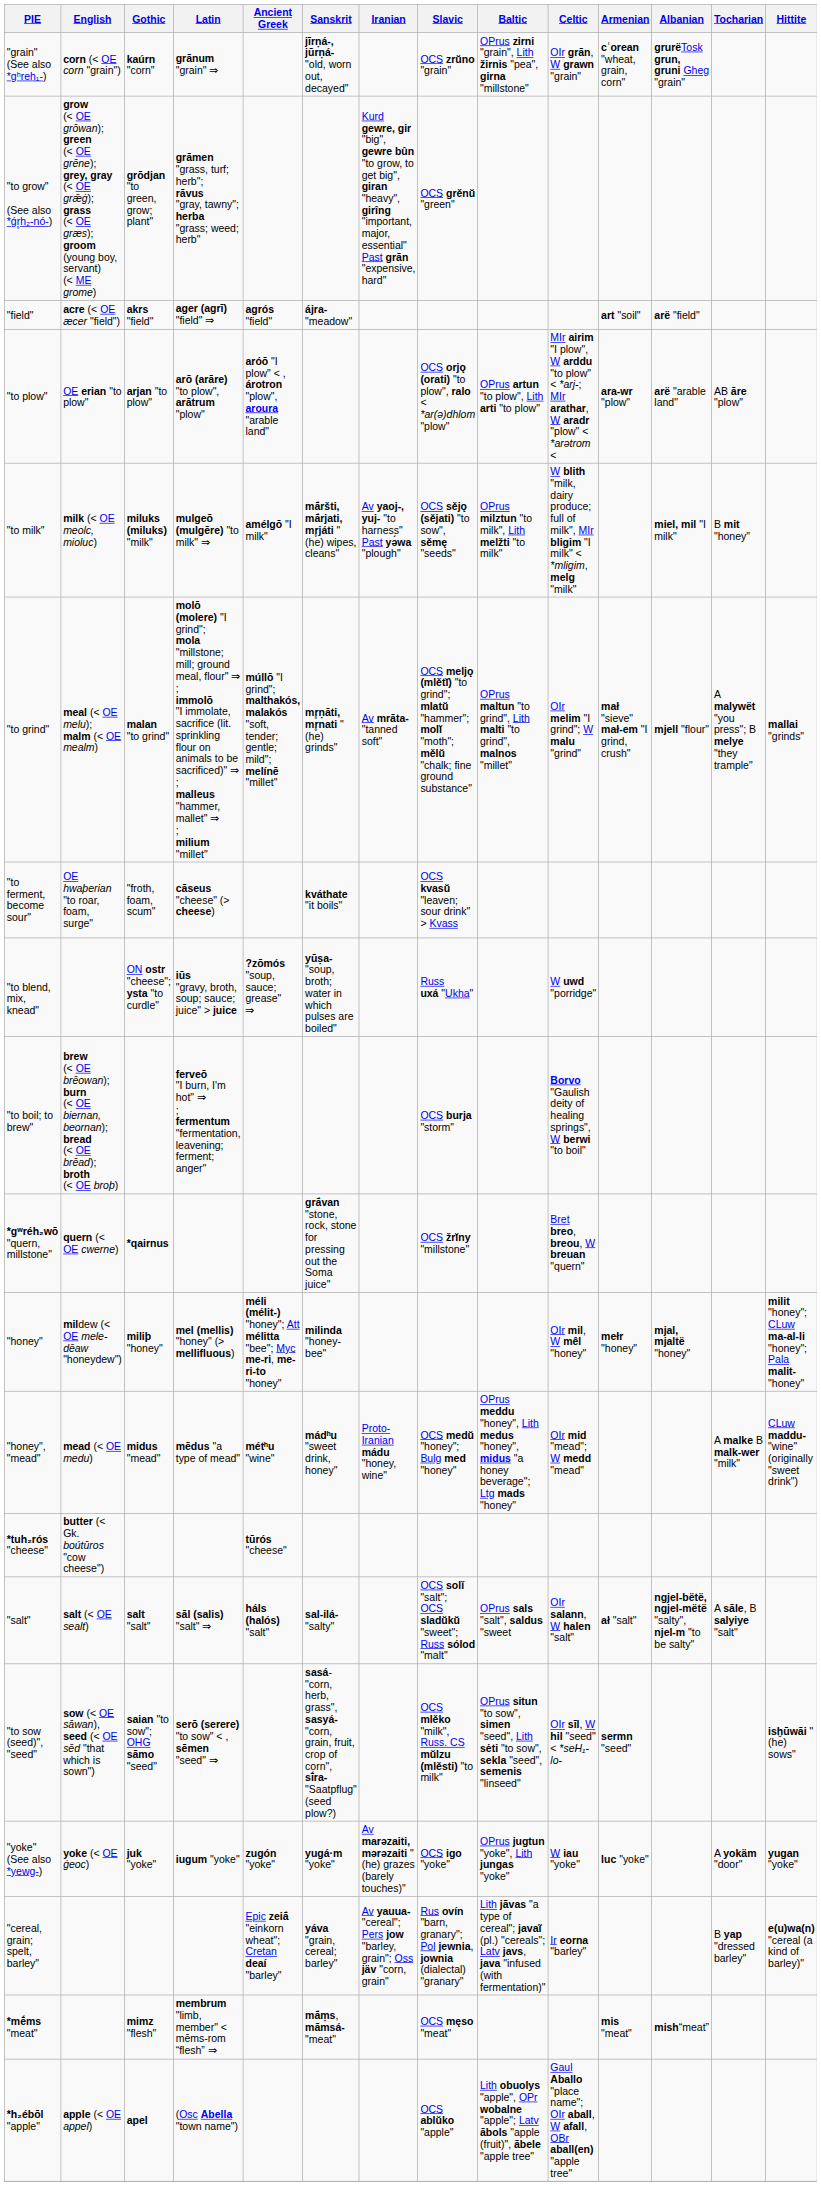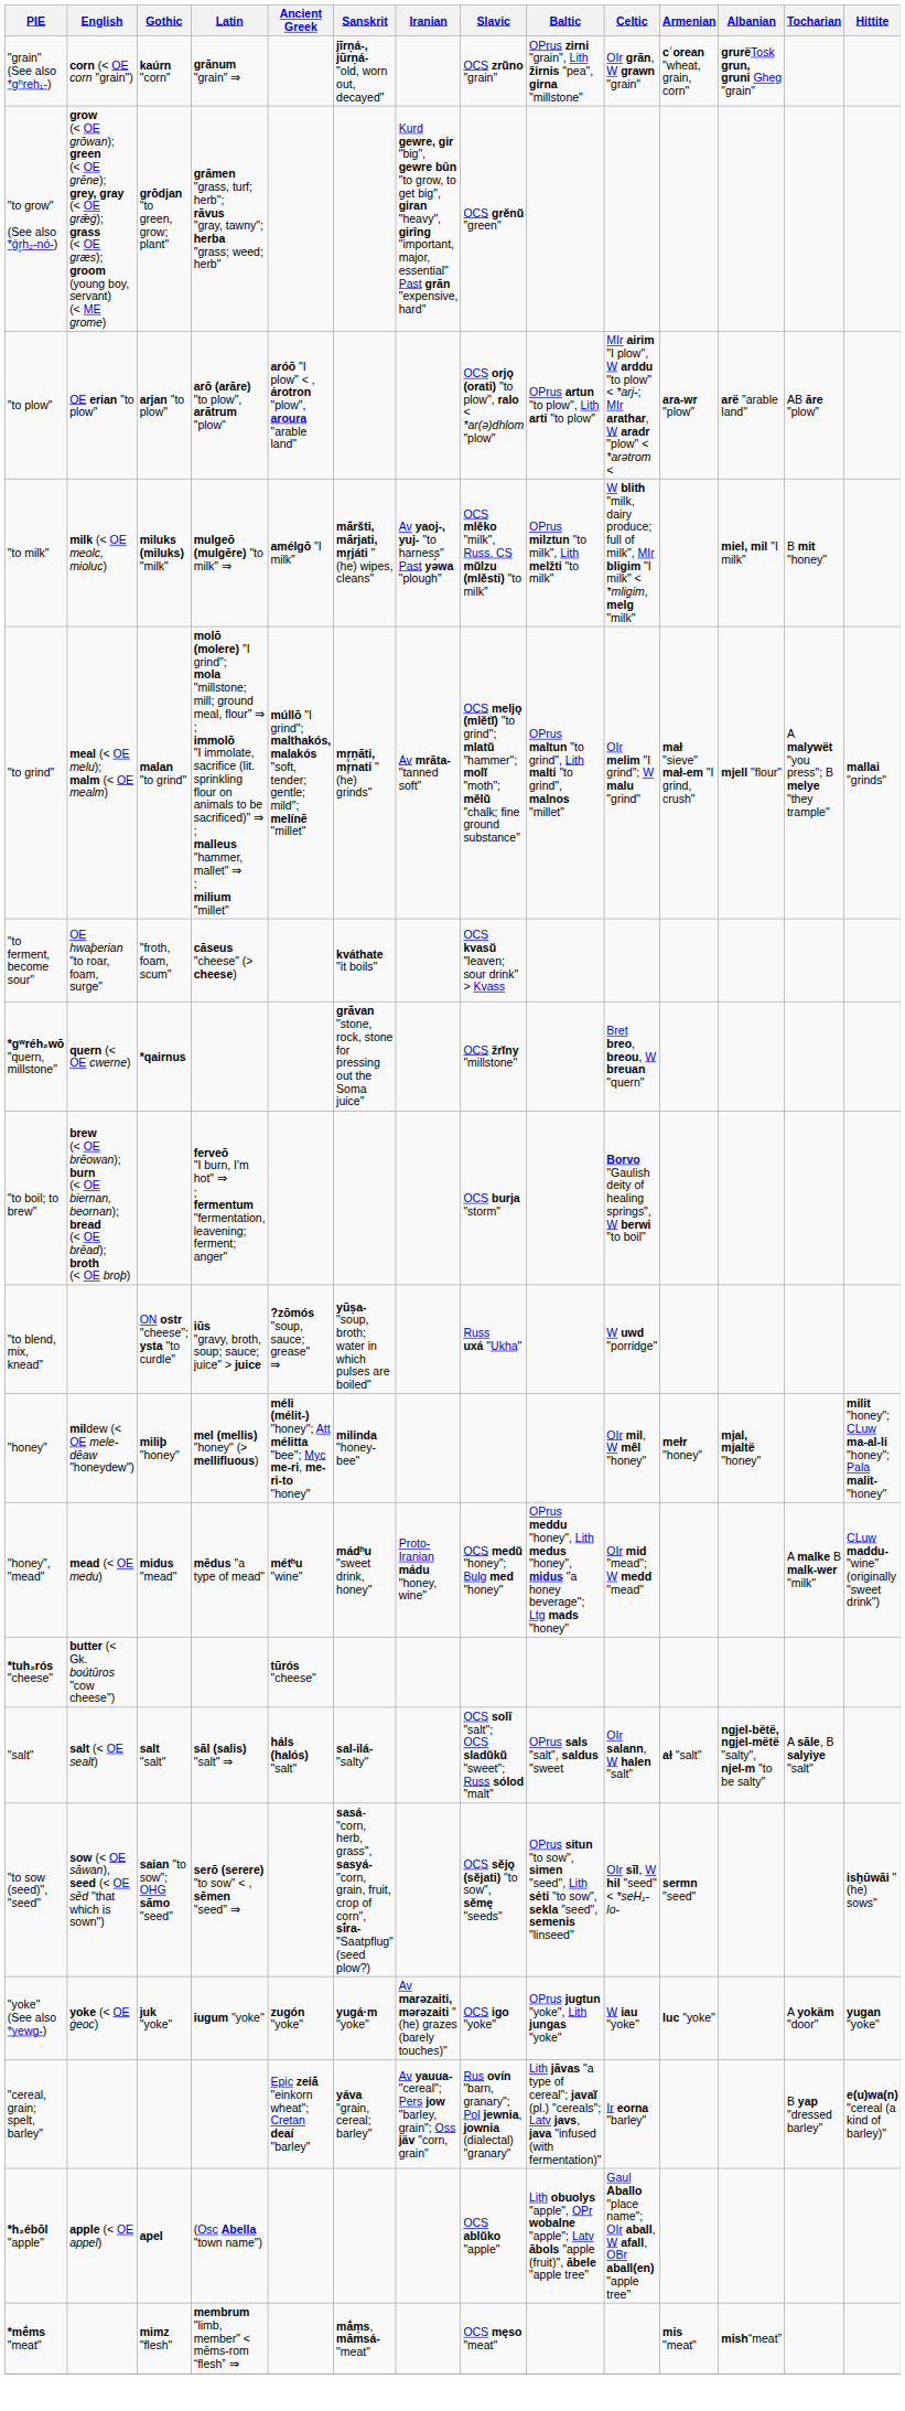 <table class="wikitable sticky-header" style="font-size:95%;">
 <tr>
 <th width="10%"><a href='#'>PIE</a></th>
 <th width="8%"><a href='#'>English</a></th>
 <th width="8%"><a href='#'>Gothic</a></th>
 <th width="8%"><a href='#'>Latin</a></th>
 <th width="8%"><a href='#'>Ancient Greek</a></th>
 <th width="8%"><a href='#'>Sanskrit</a></th>
 <th width="7%"><a href='#'>Iranian</a></th>
 <th width="8%"><a href='#'>Slavic</a></th>
 <th width="8%"><a href='#'>Baltic</a></th>
 <th width="7%"><a href='#'>Celtic</a></th>
 <th width="7%"><a href='#'>Armenian</a></th>
 <th width="7%"><a href='#'>Albanian</a></th>
 <th width="7%"><a href='#'>Tocharian</a></th>
 <th width="7%"><a href='#'>Hittite</a></th>
 </tr>
 <tr>
 <td> <strong></strong> "grain" <br>(See also <a href='#'>*gʰreh₁-</a>)</td>
 <td><strong>corn</strong> (< <a href='#'>OE</a> <em>corn</em> "grain")</td>
 <td><strong>kaúrn</strong> "corn"</td>
 <td><strong>grānum</strong> "grain" ⇒<br> </td>
 <td></td>
 <td><strong>jīrṇá-, jūrṇá-</strong> "old, worn out, decayed"</td>
 <td></td>
 <td><a href='#'>OCS</a> <strong>zrŭno</strong> "grain"</td>
 <td><a href='#'>OPrus</a> <strong>zirni</strong> "grain", <a href='#'>Lith</a> <strong>žirnis</strong> "pea", <strong>girna</strong> "millstone"</td>
 <td><a href='#'>OIr</a> <strong>grān</strong>, <a href='#'>W</a> <strong>grawn</strong> "grain"</td>
 <td><strong>cʿorean</strong> "wheat, grain, corn"</td>
 <td><strong>grurë</strong><a href='#'>Tosk</a> <strong>grun, gruni</strong> <a href='#'>Gheg</a> "grain"</td>
 <td></td>
 <td></td>
 </tr>
 <tr>
 <td> <strong></strong><br> "to grow" <br><br>(See also <a href='#'>*ǵr̥h₂-nó-</a>)</td>
 <td><strong>grow</strong> <br> (< <a href='#'>OE</a> <em>grōwan</em>);<br><strong>green</strong> <br> (< <a href='#'>OE</a> <em>grēne</em>);<br><strong>grey, gray</strong> <br> (< <a href='#'>OE</a> <em>grǣġ</em>);<br><strong>grass</strong> <br> (< <a href='#'>OE</a> <em>græs</em>);<br><strong>groom</strong> (young boy, servant) <br> (< <a href='#'>ME</a> <em>grome</em>)</td>
 <td><strong>grōdjan</strong><br> "to green, grow; plant"</td>
 <td><strong>grāmen</strong><br> "grass, turf; herb";<br><strong>rāvus</strong><br> "gray, tawny";<br><strong>herba</strong><br> "grass; weed; herb"</td>
 <td></td>
 <td></td>
 <td><a href='#'>Kurd</a> <strong>gewre, gir</strong> "big", <strong>gewre bûn</strong> "to grow, to get big", <strong>giran</strong> "heavy", <strong>girîng</strong> "important, major, essential"<br><a href='#'>Past</a> <strong>grān</strong> "expensive, hard"</td>
 <td><a href='#'>OCS</a> <strong>grěnŭ</strong> "green"</td>
 <td></td>
 <td></td>
 <td></td>
 <td></td>
 <td></td>
 <td></td>
 </tr>
 <tr>
-<td> <strong></strong> "field"</td>
-<td><strong>acre</strong> (< <a href='#'>OE</a> <em>æcer</em> "field")</td>
-<td><strong>akrs</strong> "field"</td>
-<td><strong>ager (agrī)</strong> "field" ⇒<br> </td>
-<td><strong>agrós</strong> "field"</td>
-<td><strong>ájra-</strong>"meadow"</td>
-<td></td>
-<td></td>
-<td></td>
-<td></td>
-<td><strong>art</strong> "soil"</td>
-<td><strong>arë</strong> "field"</td>
-<td></td>
-<td></td>
-</tr>
-<tr>
 <td><strong></strong> "to plow"</td>
 <td><a href='#'>OE</a> <strong>erian</strong> "to plow"</td>
 <td><strong>arjan</strong> "to plow"</td>
 <td><strong>arō (arāre)</strong> "to plow", <strong>arātrum</strong> "plow"</td>
 <td><strong>aróō</strong> "I plow" < <em></em>, <strong>árotron</strong> "plow", <strong><a href='#'>aroura</a></strong> "arable land"</td>
 <td></td>
 <td></td>
 <td><a href='#'>OCS</a> <strong>orjǫ (orati)</strong> "to plow", <strong>ralo</strong> < <em>*ar(ə)dhlom</em> "plow"</td>
 <td><a href='#'>OPrus</a> <strong>artun</strong> "to plow", <a href='#'>Lith</a> <strong>arti</strong> "to plow"</td>
 <td><a href='#'>MIr</a> <strong>airim</strong> "I plow", <a href='#'>W</a> <strong>arddu</strong> "to plow" < <em>*arj-</em>; <a href='#'>MIr</a> <strong>arathar</strong>, <a href='#'>W</a> <strong>aradr</strong> "plow" < <em>*arətrom</em> < <em></em></td>
 <td><strong>ara-wr</strong> "plow"</td>
 <td><strong>arë</strong> "arable land" <em></em></td>
 <td>AB <strong>āre</strong> "plow"</td>
 <td></td>
 </tr>
 <tr>
 <td><strong></strong> "to milk"</td>
 <td><strong>milk</strong> (< <a href='#'>OE</a> <em>meolc, mioluc</em>)</td>
 <td><strong>miluks (miluks)</strong> "milk"</td>
 <td><strong>mulgeō (mulgēre)</strong> "to milk" ⇒<br> </td>
 <td><strong>amélgō</strong> "I milk"</td>
 <td><strong>mā́ršti, mā́rjati, mr̥játi</strong> "(he) wipes, cleans"</td>
 <td><a href='#'>Av</a> <strong>yaoj-, yuj-</strong> "to harness"<br><a href='#'>Past</a> <strong>yə́wa</strong> "plough"</td>
-<td><a href='#'>OCS</a> <strong>sějǫ (sějati)</strong> "to sow", <strong>sěmę</strong> "seeds"</td>
+<td><a href='#'>OCS</a> <strong>mlěko</strong> "milk", <a href='#'>Russ. CS</a> <strong>mŭlzu (mlěsti)</strong> "to milk"</td>
 <td><a href='#'>OPrus</a> <strong>milztun</strong> "to milk", <a href='#'>Lith</a> <strong>melžti</strong> "to milk"</td>
 <td><a href='#'>W</a> <strong>blith</strong> "milk, dairy produce; full of milk", <a href='#'>MIr</a> <strong>bligim</strong> "I milk" < <em>*mligim</em>, <strong>melg</strong> "milk"</td>
 <td></td>
 <td><strong>miel, mil</strong> "I milk"</td>
 <td>B <strong>mit</strong> "honey"</td>
 <td></td>
 </tr>
 <tr>
 <td> <strong></strong> "to grind"</td>
 <td><strong>meal</strong> (< <a href='#'>OE</a> <em>melu</em>);<br><strong>malm</strong> (< <a href='#'>OE</a> <em>mealm</em>)</td>
 <td><strong>malan</strong> "to grind"</td>
 <td><strong>molō (molere)</strong> "I grind";<br><strong>mola</strong><br> "millstone; mill; ground meal, flour" ⇒<br> ;<br><strong>immolō</strong><br> "I immolate, sacrifice (lit. sprinkling flour on animals to be sacrificed)" ⇒<br> ;<br><strong>malleus</strong><br> "hammer, mallet" ⇒<br> ;<br><strong>milium</strong><br> "millet"</td>
 <td><strong>múllō</strong> "I grind";<br><strong>malthakós, malakós</strong> "soft, tender; gentle; mild";<br><strong>melínē</strong> "millet"</td>
 <td><strong>mr̥ṇāti, mr̥nati</strong> "(he) grinds"</td>
 <td><a href='#'>Av</a> <strong>mrāta-</strong> "tanned soft"</td>
 <td><a href='#'>OCS</a> <strong>meljǫ (mlětĭ)</strong> "to grind";<br><strong>mlatŭ</strong><br> "hammer";<br><strong>molĭ</strong><br> "moth";<br><strong>mělŭ</strong><br> "chalk; fine ground substance"</td>
 <td><a href='#'>OPrus</a> <strong>maltun</strong> "to grind", <a href='#'>Lith</a> <strong>malti</strong> "to grind", <strong>malnos</strong> "millet"</td>
 <td><a href='#'>OIr</a> <strong>melim</strong> "I grind"; <a href='#'>W</a> <strong>malu</strong> "grind"</td>
 <td><strong>mał</strong> "sieve" <strong>mał-em</strong> "I grind, crush"</td>
 <td><strong>mjell</strong> "flour"</td>
 <td>A <strong>malywët</strong> "you press"; B <strong>melye</strong> "they trample"</td>
 <td><strong>mallai</strong> "grinds"</td>
 </tr>
 <tr>
 <td> <strong></strong><br> "to ferment, become sour" <br><br></td>
 <td><a href='#'>OE</a> <em> hwaþerian</em> "to roar, foam, surge"</td>
 <td><strong></strong> "froth, foam, scum"</td>
 <td><strong>cāseus</strong><br> "cheese" (> <strong>cheese</strong>)</td>
 <td></td>
 <td><strong>kváthate</strong><br> "it boils"</td>
 <td></td>
 <td><a href='#'>OCS</a> <strong>kvasŭ</strong> "leaven; sour drink" > <a href='#'>Kvass</a></td>
 <td></td>
 <td></td>
 <td></td>
 <td></td>
 <td></td>
 <td></td>
 </tr>
 <tr>
-<td><br>  <strong></strong><br> "to blend, mix, knead" <br>    </td>
+<td><strong>*gʷréh₂wō</strong> "quern, millstone"</td>
+<td><strong>quern</strong> (< <a href='#'>OE</a> <em>cwerne</em>)</td>
+<td><strong>*qairnus</strong></td>
 <td></td>
-<td><a href='#'>ON</a> <strong>ostr</strong> "cheese";<br><strong>ysta</strong> "to curdle"</td>
-<td><br><strong>iūs</strong><br> "gravy, broth, soup; sauce; juice" > <strong>juice</strong></td>
-<td><br><strong>?zōmós</strong><br> "soup, sauce; grease"<br> ⇒<br> <br></td>
-<td><br><strong>yūṣa-</strong><br> "soup, broth; water in which pulses are boiled"</td>
 <td></td>
-<td><a href='#'>Russ</a><br><strong>uxá</strong> "<a href='#'>Ukha</a>"</td>
+<td><strong>grā́van</strong> "stone, rock, stone for pressing out the Soma juice"</td>
 <td></td>
-<td><a href='#'>W</a> <strong>uwd</strong> "porridge"</td>
+<td><a href='#'>OCS</a> <strong>žrĭny</strong> "millstone"</td>
+<td></td>
+<td><a href='#'>Bret</a> <strong>breo</strong>, <strong>breou</strong>, <a href='#'>W</a> <strong>breuan</strong> "quern"</td>
 <td></td>
 <td></td>
 <td></td>
 <td></td>
 </tr>
 <tr>
 <td> <strong></strong><br> "to boil; to brew" <br></td>
 <td><br><strong>brew</strong> <br> (< <a href='#'>OE</a> <em>brēowan</em>);<br> <strong>burn</strong> <br> (< <a href='#'>OE</a> <em>biernan, beornan</em>);<br> <strong>bread</strong> <br> (< <a href='#'>OE</a> <em>brēad</em>);<br> <strong>broth</strong> <br> (< <a href='#'>OE</a> <em>broþ</em>)</td>
 <td></td>
 <td><br><strong>ferveō</strong><br> "I burn, I'm hot" ⇒ <br>;<br> <strong>fermentum</strong><br> "fermentation, leavening; ferment; anger"</td>
 <td></td>
 <td></td>
 <td></td>
 <td><br><a href='#'>OCS</a> <strong>burja</strong> "storm"</td>
 <td></td>
 <td><strong><a href='#'>Borvo</a></strong> "Gaulish deity of healing springs", <a href='#'>W</a> <strong>berwi</strong> "to boil"</td>
 <td></td>
 <td></td>
 <td></td>
 <td></td>
 </tr>
 <tr>
-<td><strong>*gʷréh₂wō</strong> "quern, millstone"</td>
-<td><strong>quern</strong> (< <a href='#'>OE</a> <em>cwerne</em>)</td>
-<td><strong>*qairnus</strong></td>
+<td><br>  <strong></strong><br> "to blend, mix, knead" <br>    </td>
 <td></td>
+<td><a href='#'>ON</a> <strong>ostr</strong> "cheese";<br><strong>ysta</strong> "to curdle"</td>
+<td><br><strong>iūs</strong><br> "gravy, broth, soup; sauce; juice" > <strong>juice</strong></td>
+<td><br><strong>?zōmós</strong><br> "soup, sauce; grease"<br> ⇒<br> <br></td>
+<td><br><strong>yūṣa-</strong><br> "soup, broth; water in which pulses are boiled"</td>
 <td></td>
-<td><strong>grā́van</strong> "stone, rock, stone for pressing out the Soma juice"</td>
+<td><a href='#'>Russ</a><br><strong>uxá</strong> "<a href='#'>Ukha</a>"</td>
 <td></td>
-<td><a href='#'>OCS</a> <strong>žrĭny</strong> "millstone"</td>
-<td></td>
-<td><a href='#'>Bret</a> <strong>breo</strong>, <strong>breou</strong>, <a href='#'>W</a> <strong>breuan</strong> "quern"</td>
+<td><a href='#'>W</a> <strong>uwd</strong> "porridge"</td>
 <td></td>
 <td></td>
 <td></td>
 <td></td>
 </tr>
 <tr>
 <td><strong></strong> "honey"</td>
 <td><strong>mil</strong>dew (< <a href='#'>OE</a> <em>mele-dēaw</em> "honeydew")</td>
 <td><strong>miliþ</strong> "honey"</td>
 <td><strong>mel (mellis)</strong> "honey" (> <br> <strong>mellifluous</strong>)</td>
 <td><strong>méli (mélit-)</strong> "honey"; <a href='#'>Att</a> <strong>mélitta</strong> "bee"; <a href='#'>Myc</a> <strong>me-ri</strong>, <strong>me-ri-to</strong> "honey"</td>
 <td><strong>milinda</strong> "honey-bee"</td>
 <td></td>
 <td></td>
 <td></td>
 <td><a href='#'>OIr</a> <strong>mil</strong>, <a href='#'>W</a> <strong>mêl</strong> "honey"</td>
 <td><strong>mełr</strong> "honey"</td>
 <td><strong>mjal, mjaltë</strong> "honey"</td>
 <td></td>
 <td><strong>milit</strong> "honey"; <a href='#'>CLuw</a> <strong>ma-al-li</strong> "honey"; <a href='#'>Pala</a> <strong>malit-</strong> "honey"</td>
 </tr>
 <tr>
 <td><strong></strong> "honey", "mead"</td>
 <td><strong>mead</strong> (< <a href='#'>OE</a> <em>medu</em>)</td>
 <td><strong>midus</strong> "mead"</td>
 <td><strong>mēdus</strong> "a type of mead"</td>
 <td><strong>métʰu</strong> "wine"</td>
 <td><strong>mádʰu</strong> "sweet drink, honey"</td>
 <td><a href='#'>Proto-Iranian</a> <strong>mádu</strong> "honey, wine"</td>
 <td><a href='#'>OCS</a> <strong>medŭ</strong> "honey"; <a href='#'>Bulg</a> <strong>med</strong> "honey"</td>
 <td><a href='#'>OPrus</a> <strong>meddu</strong> "honey", <a href='#'>Lith</a> <strong>medus</strong> "honey", <strong><a href='#'>midus</a></strong> "a honey beverage"; <a href='#'>Ltg</a> <strong>mads</strong> "honey"</td>
 <td><a href='#'>OIr</a> <strong>mid</strong> "mead"; <a href='#'>W</a> <strong>medd</strong> "mead"</td>
 <td></td>
 <td></td>
 <td>A <strong>malke</strong> B <strong>malk-wer</strong> "milk"</td>
 <td><a href='#'>CLuw</a> <strong>maddu-</strong> "wine" (originally "sweet drink")</td>
 </tr>
 <tr>
 <td><strong>*tuh₂rós</strong> "cheese"</td>
 <td><strong>butter</strong> (< Gk. <em>boútūros</em> "cow cheese")</td>
 <td></td>
 <td></td>
 <td><strong>tūrós</strong> "cheese"</td>
 <td></td>
 <td></td>
 <td></td>
 <td></td>
 <td></td>
 <td></td>
 <td></td>
 <td></td>
 <td></td>
 </tr>
 <tr>
 <td><strong></strong> "salt"</td>
 <td><strong>salt</strong> (< <a href='#'>OE</a> <em>sealt</em>)</td>
 <td><strong>salt</strong> "salt"</td>
 <td><strong>sāl (salis)</strong> "salt" ⇒<br> </td>
 <td><strong>háls (halós)</strong> "salt"</td>
 <td><strong>sal-ilá-</strong> "salty"</td>
 <td></td>
 <td><a href='#'>OCS</a> <strong>solǐ</strong> "salt";<br><a href='#'>OCS</a> <strong>sladŭkŭ</strong> "sweet";<br><a href='#'>Russ</a> <strong>sólod</strong> "malt"</td>
 <td><a href='#'>OPrus</a> <strong>sals</strong> "salt", <strong>saldus</strong> "sweet</td>
 <td><a href='#'>OIr</a> <strong>salann</strong>, <a href='#'>W</a> <strong>halen</strong> "salt"</td>
 <td><strong>ał</strong> "salt"</td>
 <td><strong>ngjel-bëtë, ngjel-mëtë</strong> "salty", <strong>njel-m</strong> "to be salty"</td>
 <td>A <strong>sāle</strong>, B <strong>salyiye</strong> "salt"</td>
 <td></td>
 </tr>
 <tr>
 <td><strong></strong> "to sow (seed)", <strong></strong> "seed"</td>
 <td><strong>sow</strong> (< <a href='#'>OE</a> <em>sāwan</em>), <strong>seed</strong> (< <a href='#'>OE</a> <em>sēd</em> "that which is sown")</td>
 <td><strong>saian</strong> "to sow"; <a href='#'>OHG</a> <strong>sāmo</strong> "seed"</td>
 <td><strong>serō (serere)</strong> "to sow" < <em></em>, <strong>sēmen</strong> "seed" ⇒<br> </td>
 <td></td>
 <td><strong>sasá</strong>- "corn, herb, grass", <strong>sasyá-</strong> "corn, grain, fruit, crop of corn", <strong>sī́ra-</strong> "Saatpflug" (seed plow?)</td>
 <td></td>
-<td><a href='#'>OCS</a> <strong>mlěko</strong> "milk", <a href='#'>Russ. CS</a> <strong>mŭlzu (mlěsti)</strong> "to milk"</td>
+<td><a href='#'>OCS</a> <strong>sějǫ (sějati)</strong> "to sow", <strong>sěmę</strong> "seeds"</td>
 <td><a href='#'>OPrus</a> <strong>situn</strong> "to sow", <strong>simen</strong> "seed", <a href='#'>Lith</a> <strong>sėti</strong> "to sow", <strong>sekla</strong> "seed", <strong>semenis</strong> "linseed"</td>
 <td><a href='#'>OIr</a> <strong>sīl</strong>, <a href='#'>W</a> <strong>hil</strong> "seed" < <em>*seH₁-lo-</em></td>
 <td><strong>sermn</strong> "seed"</td>
 <td></td>
 <td></td>
 <td><strong>isḫūwāi</strong> "(he) sows"</td>
 </tr>
 <tr>
 <td><strong></strong> "yoke"<br>(See also <a href='#'>*yewg-</a>)</td>
 <td><strong>yoke</strong> (< <a href='#'>OE</a> <em>ġeoc</em>)</td>
 <td><strong>juk</strong> "yoke"</td>
 <td><strong>iugum</strong> "yoke"</td>
 <td><strong>zugón</strong> "yoke"</td>
 <td><strong>yugá·m</strong> "yoke"</td>
 <td><a href='#'>Av</a> <strong>marǝzaiti, mǝrǝzaiti</strong> "(he) grazes (barely touches)"</td>
 <td><a href='#'>OCS</a> <strong>igo</strong> "yoke"</td>
 <td><a href='#'>OPrus</a> <strong>jugtun</strong> "yoke", <a href='#'>Lith</a> <strong>jungas</strong> "yoke"</td>
 <td><a href='#'>W</a> <strong>iau</strong> "yoke"</td>
 <td><strong>luc</strong> "yoke"</td>
 <td></td>
 <td>A <strong>yokäm</strong> "door"</td>
 <td><strong>yugan</strong> "yoke"</td>
 </tr>
 <tr>
 <td><strong></strong> "cereal, grain; spelt, barley"</td>
 <td></td>
 <td></td>
 <td></td>
 <td><a href='#'>Epic</a> <strong>zeiā́</strong> "einkorn wheat"; <a href='#'>Cretan</a> <strong>deaí</strong> "barley"</td>
 <td><strong>yáva</strong> "grain, cereal; barley"</td>
 <td><a href='#'>Av</a> <strong> yauua-</strong> "cereal"; <a href='#'>Pers</a> <strong>jow</strong> "barley, grain"; <a href='#'>Oss</a> <strong>jäv</strong> "corn, grain"</td>
 <td><a href='#'>Rus</a> <strong>ovín</strong> "barn, granary"; <a href='#'>Pol</a> <strong>jewnia</strong>, <strong>jownia</strong> (dialectal) "granary"</td>
 <td><a href='#'>Lith</a> <strong>jãvas</strong> "a type of cereal"; <strong>javaĩ</strong> (pl.) "cereals"; <a href='#'>Latv</a> <strong>javs</strong>, <strong>java</strong> "infused (with fermentation)"</td>
 <td><a href='#'>Ir</a> <strong>eorna</strong> "barley"</td>
 <td></td>
 <td></td>
 <td>B <strong>yap</strong> "dressed barley"</td>
 <td><strong>e(u)wa(n)</strong> "cereal (a kind of barley)"</td>
 </tr>
 <tr>
+<td><strong>*h₂ébōl</strong> "apple"</td>
+<td><strong>apple</strong> (< <a href='#'>OE</a> <em>appel</em>)</td>
+<td><strong>apel</strong></td>
+<td>(<a href='#'>Osc</a> <strong><a href='#'>Abella</a></strong> "town name")</td>
+<td></td>
+<td></td>
+<td></td>
+<td><a href='#'>OCS</a> <strong>ablŭko</strong> "apple"</td>
+<td><a href='#'>Lith</a> <strong>obuolys</strong> "apple", <a href='#'>OPr</a> <strong>wobalne</strong> "apple"; <a href='#'>Latv</a> <strong>ābols</strong> "apple (fruit)", <strong>ābele</strong> "apple tree"</td>
+<td><a href='#'>Gaul</a> <strong>Aballo</strong> "place name"; <a href='#'>OIr</a> <strong>aball</strong>, <a href='#'>W</a> <strong>afall</strong>, <a href='#'>OBr</a> <strong>aball(en)</strong> "apple tree"</td>
+<td></td>
+<td></td>
+<td></td>
+<td></td>
+</tr>
+<tr>
 <td><strong>*mḗms</strong> "meat"</td>
 <td></td>
 <td><strong>mimz</strong> "flesh"</td>
 <td><strong>membrum</strong> "limb, member" < mēms-rom “flesh” ⇒<br> </td>
 <td></td>
 <td><strong>mā́ṃs</strong>, <strong>māmsá-</strong> "meat"</td>
 <td></td>
 <td><a href='#'>OCS</a> <strong>męso</strong> "meat"</td>
 <td></td>
 <td></td>
 <td><strong>mis</strong> "meat"</td>
 <td><strong>mish</strong>“meat”</td>
 <td></td>
 <td></td>
 </tr>
 <tr>
-<td><strong>*h₂ébōl</strong> "apple"</td>
-<td><strong>apple</strong> (< <a href='#'>OE</a> <em>appel</em>)</td>
-<td><strong>apel</strong></td>
-<td>(<a href='#'>Osc</a> <strong><a href='#'>Abella</a></strong> "town name")</td>
-<td></td>
-<td></td>
-<td></td>
-<td><a href='#'>OCS</a> <strong>ablŭko</strong> "apple"</td>
-<td><a href='#'>Lith</a> <strong>obuolys</strong> "apple", <a href='#'>OPr</a> <strong>wobalne</strong> "apple"; <a href='#'>Latv</a> <strong>ābols</strong> "apple (fruit)", <strong>ābele</strong> "apple tree"</td>
-<td><a href='#'>Gaul</a> <strong>Aballo</strong> "place name"; <a href='#'>OIr</a> <strong>aball</strong>, <a href='#'>W</a> <strong>afall</strong>, <a href='#'>OBr</a> <strong>aball(en)</strong> "apple tree"</td>
-<td></td>
-<td></td>
-<td></td>
-<td></td>
-</tr>
-<tr>
 </tr>
 </table>
